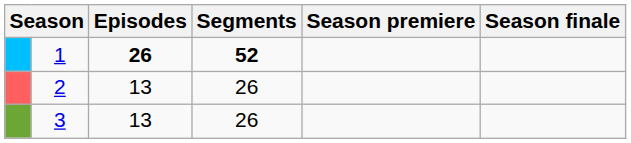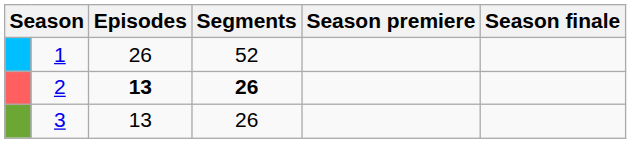 <table class=wikitable style=text-align:center;>
 <tr>
 <th colspan="2">Season</th>
 <th>Episodes</th>
 <th>Segments</th>
 <th>Season premiere</th>
 <th>Season finale</th>
 </tr>
 <tr>
 <td style="background:#00bfff;"></td>
 <td style="text-align:center;"><a href='#'>1</a></td>
-<td style="text-align:center;"><strong>26</strong></td>
-<td style="text-align:center;"><strong>52</strong></td>
+<td style="text-align:center;">26</td>
+<td style="text-align:center;">52</td>
 <td style="text-align:center;"></td>
 <td style="text-align:center;"></td>
 </tr>
 <tr>
 <td style="background:#FF5F5F;"></td>
 <td style="text-align:center;"><a href='#'>2</a></td>
-<td style="text-align:center;">13</td>
-<td style="text-align:center;">26</td>
+<td style="text-align:center;"><strong>13</strong></td>
+<td style="text-align:center;"><strong>26</strong></td>
 <td style="text-align:center;"></td>
 <td style="text-align:center;"></td>
 </tr>
 <tr>
 <td style="background:#6CA635;"></td>
 <td style="text-align:center;"><a href='#'>3</a></td>
 <td style="text-align:center;">13</td>
 <td style="text-align:center;">26</td>
 <td style="text-align:center;"></td>
 <td style="text-align:center;"></td>
 </tr>
 </table>
